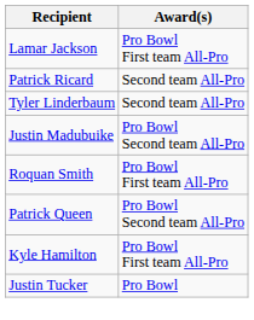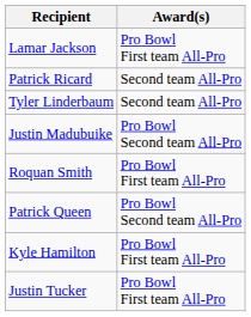 <table class="wikitable">
 <tr>
 <th>Recipient</th>
 <th>Award(s)</th>
 </tr>
 <tr>
 <td><a href='#'>Lamar Jackson</a></td>
 <td><a href='#'>Pro Bowl</a><br>First team <a href='#'>All-Pro</a></td>
 </tr>
 <tr>
 <td><a href='#'>Patrick Ricard</a></td>
 <td>Second team <a href='#'>All-Pro</a></td>
 </tr>
 <tr>
 <td><a href='#'>Tyler Linderbaum</a></td>
 <td>Second team <a href='#'>All-Pro</a></td>
 </tr>
 <tr>
 <td><a href='#'>Justin Madubuike</a></td>
 <td><a href='#'>Pro Bowl</a><br>Second team <a href='#'>All-Pro</a></td>
 </tr>
 <tr>
 <td><a href='#'>Roquan Smith</a></td>
 <td><a href='#'>Pro Bowl</a><br>First team <a href='#'>All-Pro</a></td>
 </tr>
 <tr>
 <td><a href='#'>Patrick Queen</a></td>
 <td><a href='#'>Pro Bowl</a><br>Second team <a href='#'>All-Pro</a></td>
 </tr>
 <tr>
 <td><a href='#'>Kyle Hamilton</a></td>
 <td><a href='#'>Pro Bowl</a><br>First team <a href='#'>All-Pro</a></td>
 </tr>
 <tr>
 <td><a href='#'>Justin Tucker</a></td>
-<td><a href='#'>Pro Bowl</a></td>
+<td><a href='#'>Pro Bowl</a><br>First team <a href='#'>All-Pro</a></td>
 </tr>
 </table>
